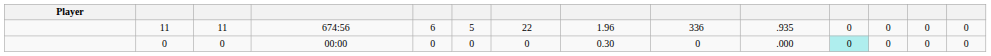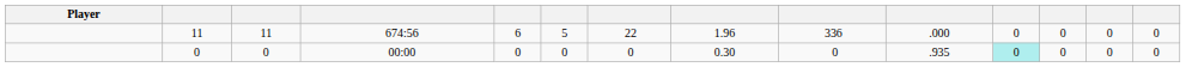 <table class="wikitable sortable" style="width:100%;">
 <tr style="text-align:center; background:#ddd;">
 <th>Player</th>
 <th></th>
 <th></th>
 <th></th>
 <th></th>
 <th></th>
 <th></th>
 <th></th>
 <th></th>
 <th></th>
 <th></th>
 <th></th>
 <th></th>
 <th></th>
 </tr>
 <tr align=center>
 <td style=white-space:nowrap></td>
 <td>11</td>
 <td>11</td>
 <td>   674:56</td>
 <td>6</td>
 <td>5</td>
 <td> 22</td>
 <td>1.96</td>
 <td> 336</td>
-<td>.935</td>
+<td>.000</td>
 <td>0</td>
 <td>0</td>
 <td>0</td>
 <td>0</td>
 </tr>
 <tr align=center>
 <td style=white-space:nowrap></td>
 <td>0</td>
 <td>0</td>
 <td>   00:00</td>
 <td>0</td>
 <td>0</td>
 <td> 0</td>
 <td>0.30</td>
 <td>  0</td>
-<td>.000</td>
+<td>.935</td>
 <td style="background: paleturquoise;">0</td>
 <td>0</td>
 <td>0</td>
 <td>0</td>
 </tr>
 </table>
